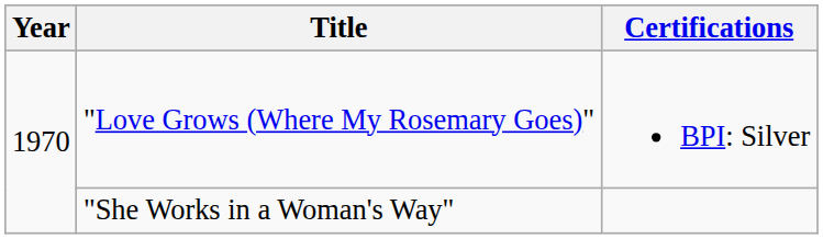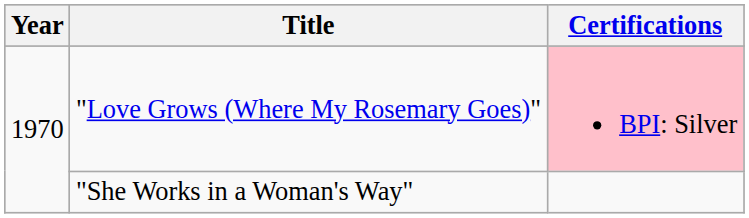 <table class="wikitable">
 <tr>
 <th>Year</th>
 <th>Title</th>
 <th><a href='#'>Certifications</a></th>
 </tr>
 <tr>
 <td rowspan="2">1970</td>
 <td>"<a href='#'>Love Grows (Where My Rosemary Goes)</a>"</td>
-<td><br><ul><li><a href='#'>BPI</a>: Silver</li></ul></td>
+<td style="background: pink;"><br><ul><li><a href='#'>BPI</a>: Silver</li></ul></td>
 </tr>
 <tr>
 <td>"She Works in a Woman's Way"</td>
 <td></td>
 </tr>
 </table>
